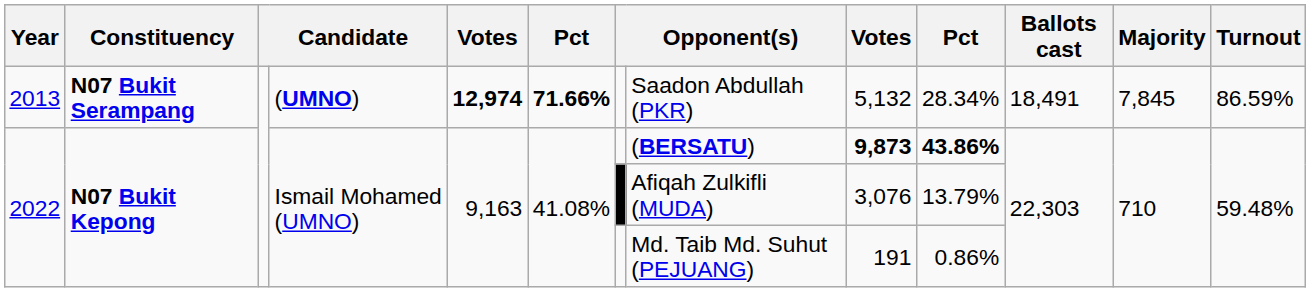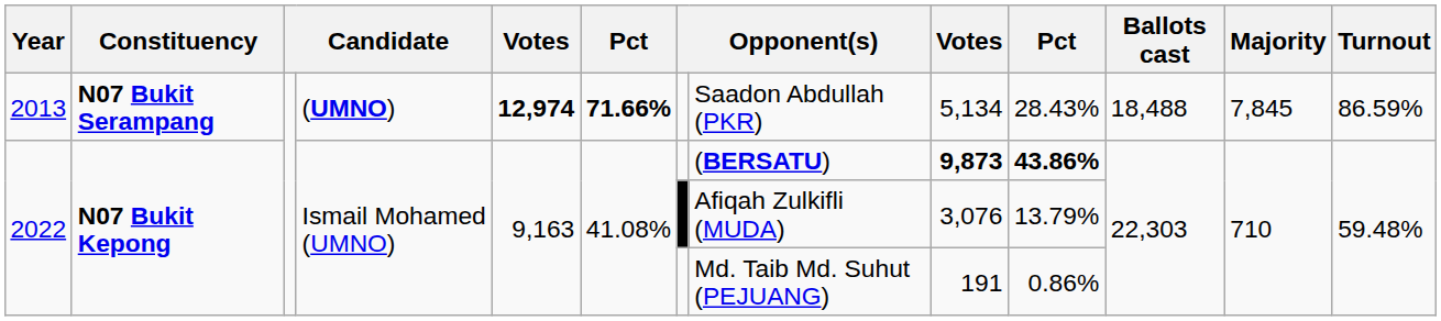 <table class="wikitable" style="margin:0.5em ; font-size:95%">
 <tr>
 <th>Year</th>
 <th>Constituency</th>
 <th colspan=2>Candidate</th>
 <th>Votes</th>
 <th>Pct</th>
 <th colspan=2>Opponent(s)</th>
 <th>Votes</th>
 <th>Pct</th>
 <th>Ballots cast</th>
 <th>Majority</th>
 <th>Turnout</th>
 </tr>
 <tr>
 <td><a href='#'>2013</a></td>
 <td><strong>N07 <a href='#'>Bukit Serampang</a></strong></td>
 <td rowspan="4" ></td>
 <td> (<a href='#'><strong>UMNO</strong></a>)</td>
 <td align="right"><strong>12,974</strong></td>
 <td><strong>71.66%</strong></td>
 <td></td>
 <td>Saadon Abdullah (<a href='#'>PKR</a>)</td>
-<td align="right">5,132</td>
-<td>28.34%</td>
-<td>18,491</td>
+<td align="right">5,134</td>
+<td>28.43%</td>
+<td>18,488</td>
 <td>7,845</td>
 <td>86.59%</td>
 </tr>
 <tr>
 <td rowspan="3"><a href='#'>2022</a></td>
 <td rowspan="3"><strong>N07 <a href='#'>Bukit Kepong</a></strong></td>
 <td rowspan="3">Ismail Mohamed (<a href='#'>UMNO</a>)</td>
 <td rowspan="3" align=right>9,163</td>
 <td rowspan="3">41.08%</td>
 <td></td>
 <td> (<a href='#'><strong>BERSATU</strong></a>)</td>
 <td align=right><strong>9,873</strong></td>
 <td><strong>43.86%</strong></td>
 <td rowspan="3">22,303</td>
 <td rowspan="3">710</td>
 <td rowspan="3">59.48%</td>
 </tr>
 <tr>
 <td bgcolor=black></td>
 <td>Afiqah Zulkifli (<a href='#'>MUDA</a>)</td>
 <td align=right>3,076</td>
 <td>13.79%</td>
 </tr>
 <tr>
 <td bgcolor=></td>
 <td>Md. Taib Md. Suhut (<a href='#'>PEJUANG</a>)</td>
 <td align=right>191</td>
 <td align=right>0.86%</td>
 </tr>
 </table>
